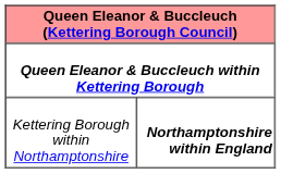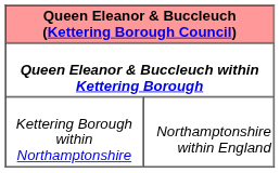 <table border=1 cellpadding="2" cellspacing="0" align="right" width=300>
 <tr>
 <th colspan=2 align=center bgcolor="#ff9999">Queen Eleanor & Buccleuch (<a href='#'>Kettering Borough Council</a>)</th>
 </tr>
 <tr>
 <th colspan=2 alignn=center><br><em>Queen Eleanor & Buccleuch within <a href='#'>Kettering Borough</a></em></th>
 </tr>
 <tr>
 <td align=center><br><em>Kettering Borough within <a href='#'>Northamptonshire</a></em></td>
-<td align=right><strong><br><em>Northamptonshire within England</em></strong></td>
+<td align=right><br><em>Northamptonshire within England</em></td>
 </tr>
 </table>
